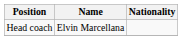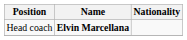 <table class="wikitable">
 <tr>
 <th>Position</th>
 <th>Name</th>
 <th>Nationality</th>
 </tr>
 <tr>
 <td>Head coach</td>
-<td>Elvin Marcellana</td>
+<td><strong>Elvin Marcellana</strong></td>
 <td></td>
 </tr>
 <tr>
 </tr>
 </table>
